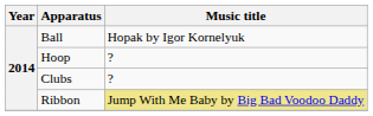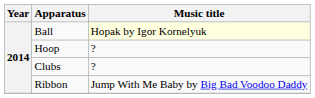 <table class="wikitable plainrowheaders">
 <tr>
 <th scope=col>Year</th>
 <th scope=col>Apparatus</th>
 <th scope=col>Music title</th>
 </tr>
 <tr>
 <th scope=row rowspan=4>2014</th>
 <td>Ball</td>
-<td>Hopak by Igor Kornelyuk</td>
+<td style="background: lightyellow;">Hopak by Igor Kornelyuk</td>
 </tr>
 <tr>
 <td>Hoop</td>
 <td>?</td>
 </tr>
 <tr>
 <td>Clubs</td>
 <td>?</td>
 </tr>
 <tr>
 <td>Ribbon</td>
-<td style="background: khaki;">Jump With Me Baby by <a href='#'>Big Bad Voodoo Daddy</a></td>
+<td>Jump With Me Baby by <a href='#'>Big Bad Voodoo Daddy</a></td>
 </tr>
 <tr>
 </tr>
 </table>
